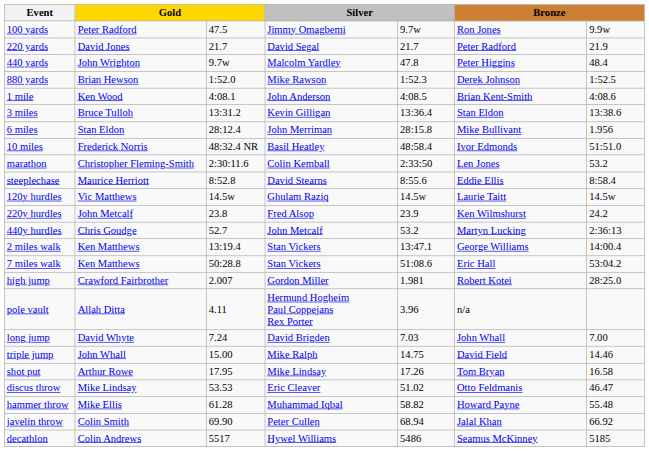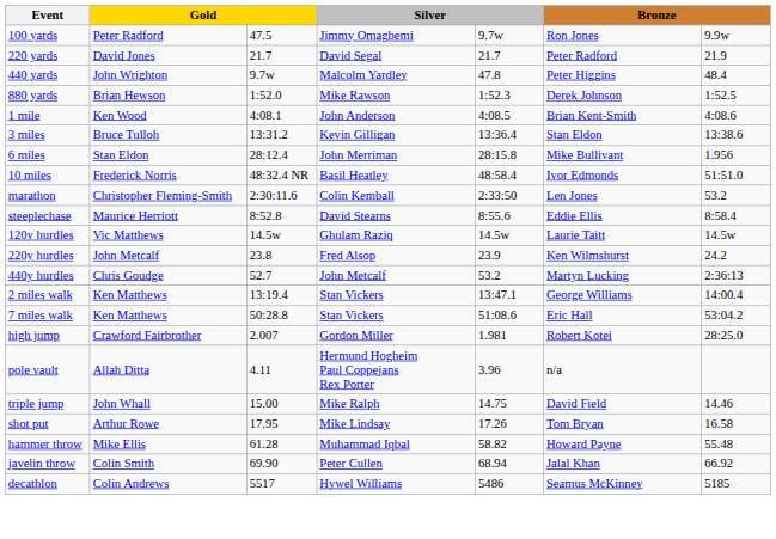 <table class="wikitable" style="text-align:left">
 <tr>
 <th width=100>Event</th>
 <th colspan="2" width="280" style="background:gold;">Gold</th>
 <th colspan="2" width="280" style="background:silver;">Silver</th>
 <th colspan="2" width="280" style="background:#CD7F32;">Bronze</th>
 </tr>
 <tr>
 <td><a href='#'>100 yards</a></td>
 <td><a href='#'>Peter Radford</a></td>
 <td>47.5</td>
 <td> <a href='#'>Jimmy Omagbemi</a></td>
 <td>9.7w</td>
 <td> <a href='#'>Ron Jones</a></td>
 <td>9.9w</td>
 </tr>
 <tr>
 <td><a href='#'>220 yards</a></td>
 <td><a href='#'>David Jones</a></td>
 <td>21.7</td>
 <td><a href='#'>David Segal</a></td>
 <td>21.7</td>
 <td><a href='#'>Peter Radford</a></td>
 <td>21.9</td>
 </tr>
 <tr>
 <td><a href='#'>440 yards</a></td>
 <td><a href='#'>John Wrighton</a></td>
 <td>9.7w</td>
 <td><a href='#'>Malcolm Yardley</a></td>
 <td>47.8</td>
 <td><a href='#'>Peter Higgins</a></td>
 <td>48.4</td>
 </tr>
 <tr>
 <td><a href='#'>880 yards</a></td>
 <td><a href='#'>Brian Hewson</a></td>
 <td>1:52.0</td>
 <td><a href='#'>Mike Rawson</a></td>
 <td>1:52.3</td>
 <td><a href='#'>Derek Johnson</a></td>
 <td>1:52.5</td>
 </tr>
 <tr>
 <td><a href='#'>1 mile</a></td>
 <td><a href='#'>Ken Wood</a></td>
 <td>4:08.1</td>
 <td><a href='#'>John Anderson</a></td>
 <td>4:08.5</td>
 <td><a href='#'>Brian Kent-Smith</a></td>
 <td>4:08.6</td>
 </tr>
 <tr>
 <td><a href='#'>3 miles</a></td>
 <td><a href='#'>Bruce Tulloh</a></td>
 <td>13:31.2</td>
 <td><a href='#'>Kevin Gilligan</a></td>
 <td>13:36.4</td>
 <td><a href='#'>Stan Eldon</a></td>
 <td>13:38.6</td>
 </tr>
 <tr>
 <td><a href='#'>6 miles</a></td>
 <td><a href='#'>Stan Eldon</a></td>
 <td>28:12.4</td>
 <td> <a href='#'>John Merriman</a></td>
 <td>28:15.8</td>
 <td><a href='#'>Mike Bullivant</a></td>
 <td>1.956</td>
 </tr>
 <tr>
 <td><a href='#'>10 miles</a></td>
 <td><a href='#'>Frederick Norris</a></td>
 <td>48:32.4 NR</td>
 <td><a href='#'>Basil Heatley</a></td>
 <td>48:58.4</td>
 <td><a href='#'>Ivor Edmonds</a></td>
 <td>51:51.0</td>
 </tr>
 <tr>
 <td><a href='#'>marathon</a></td>
 <td><a href='#'>Christopher Fleming-Smith</a></td>
 <td>2:30:11.6</td>
 <td><a href='#'>Colin Kemball</a></td>
 <td>2:33:50</td>
 <td><a href='#'>Len Jones</a></td>
 <td>53.2</td>
 </tr>
 <tr>
 <td><a href='#'>steeplechase</a></td>
 <td><a href='#'>Maurice Herriott</a></td>
 <td>8:52.8</td>
 <td><a href='#'>David Stearns</a></td>
 <td>8:55.6</td>
 <td><a href='#'>Eddie Ellis</a></td>
 <td>8:58.4</td>
 </tr>
 <tr>
 <td><a href='#'>120y hurdles</a></td>
 <td><a href='#'>Vic Matthews</a></td>
 <td>14.5w</td>
 <td> <a href='#'>Ghulam Raziq</a></td>
 <td>14.5w</td>
 <td><a href='#'>Laurie Taitt</a></td>
 <td>14.5w</td>
 </tr>
 <tr>
 <td><a href='#'>220y hurdles</a></td>
 <td><a href='#'>John Metcalf</a></td>
 <td>23.8</td>
 <td><a href='#'>Fred Alsop</a></td>
 <td>23.9</td>
 <td><a href='#'>Ken Wilmshurst</a></td>
 <td>24.2</td>
 </tr>
 <tr>
 <td><a href='#'>440y hurdles</a></td>
 <td><a href='#'>Chris Goudge</a></td>
 <td>52.7</td>
 <td><a href='#'>John Metcalf</a></td>
 <td>53.2</td>
 <td><a href='#'>Martyn Lucking</a></td>
 <td>2:36:13</td>
 </tr>
 <tr>
 <td><a href='#'>2 miles walk</a></td>
 <td><a href='#'>Ken Matthews</a></td>
 <td>13:19.4</td>
 <td><a href='#'>Stan Vickers</a></td>
 <td>13:47.1</td>
 <td><a href='#'>George Williams</a></td>
 <td>14:00.4</td>
 </tr>
 <tr>
 <td><a href='#'>7 miles walk</a></td>
 <td><a href='#'>Ken Matthews</a></td>
 <td>50:28.8</td>
 <td><a href='#'>Stan Vickers</a></td>
 <td>51:08.6</td>
 <td><a href='#'>Eric Hall</a></td>
 <td>53:04.2</td>
 </tr>
 <tr>
 <td><a href='#'>high jump</a></td>
 <td> <a href='#'>Crawford Fairbrother</a></td>
 <td>2.007</td>
 <td><a href='#'>Gordon Miller</a></td>
 <td>1.981</td>
 <td> <a href='#'>Robert Kotei</a></td>
 <td>28:25.0</td>
 </tr>
 <tr>
 <td><a href='#'>pole vault</a></td>
 <td> <a href='#'>Allah Ditta</a></td>
 <td>4.11</td>
 <td> <a href='#'>Hermund Hogheim</a><br> <a href='#'>Paul Coppejans</a><br><a href='#'>Rex Porter</a></td>
 <td>3.96</td>
 <td>n/a</td>
 <td></td>
 </tr>
 <tr>
-<td><a href='#'>long jump</a></td>
-<td> <a href='#'>David Whyte</a></td>
-<td>7.24</td>
-<td><a href='#'>David Brigden</a></td>
-<td>7.03</td>
-<td><a href='#'>John Whall</a></td>
-<td>7.00</td>
-</tr>
-<tr>
 <td><a href='#'>triple jump</a></td>
 <td><a href='#'>John Whall</a></td>
 <td>15.00</td>
 <td><a href='#'>Mike Ralph</a></td>
 <td>14.75</td>
 <td><a href='#'>David Field</a></td>
 <td>14.46</td>
 </tr>
 <tr>
 <td><a href='#'>shot put</a></td>
 <td><a href='#'>Arthur Rowe</a></td>
 <td>17.95</td>
 <td> <a href='#'>Mike Lindsay</a></td>
 <td>17.26</td>
 <td><a href='#'>Tom Bryan</a></td>
 <td>16.58</td>
-</tr>
-<tr>
-<td><a href='#'>discus throw</a></td>
-<td> <a href='#'>Mike Lindsay</a></td>
-<td>53.53</td>
-<td><a href='#'>Eric Cleaver</a></td>
-<td>51.02</td>
-<td><a href='#'>Otto Feldmanis</a></td>
-<td>46.47</td>
 </tr>
 <tr>
 <td><a href='#'>hammer throw</a></td>
 <td><a href='#'>Mike Ellis</a></td>
 <td>61.28</td>
 <td> <a href='#'>Muhammad Iqbal</a></td>
 <td>58.82</td>
 <td><a href='#'>Howard Payne</a></td>
 <td>55.48</td>
 </tr>
 <tr>
 <td><a href='#'>javelin throw</a></td>
 <td><a href='#'>Colin Smith</a></td>
 <td>69.90</td>
 <td><a href='#'>Peter Cullen</a></td>
 <td>68.94</td>
 <td> <a href='#'>Jalal Khan</a></td>
 <td>66.92</td>
 </tr>
 <tr>
 <td><a href='#'>decathlon</a></td>
 <td><a href='#'>Colin Andrews</a></td>
 <td>5517</td>
 <td> <a href='#'>Hywel Williams</a></td>
 <td>5486</td>
 <td><a href='#'>Seamus McKinney</a></td>
 <td>5185</td>
 </tr>
 </table>
